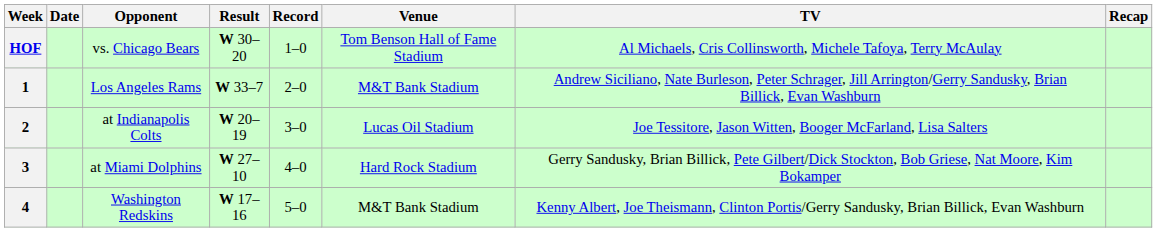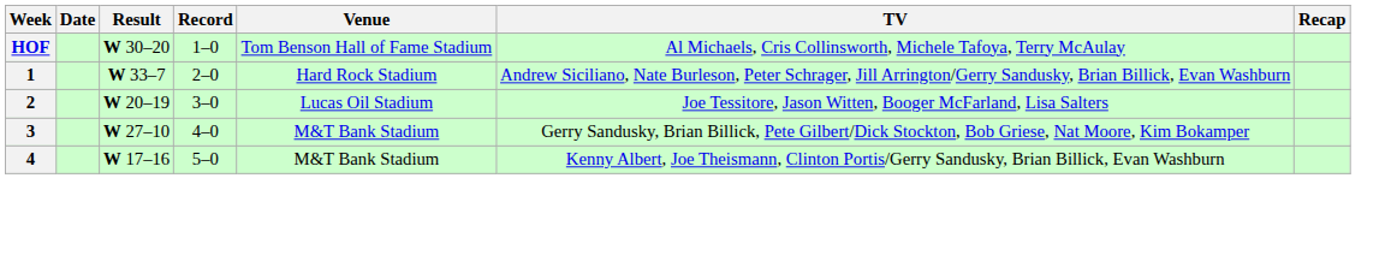 <table class="wikitable" style="text-align:center">
 <tr>
 <th>Week</th>
 <th>Date</th>
-<th>Opponent</th>
 <th>Result</th>
 <th>Record</th>
 <th>Venue</th>
 <th>TV</th>
 <th>Recap</th>
 </tr>
 <tr style="background:#cfc">
 <th><a href='#'>HOF</a></th>
 <td></td>
-<td>vs. <a href='#'>Chicago Bears</a></td>
 <td><strong>W</strong> 30–20</td>
 <td>1–0</td>
 <td><a href='#'>Tom Benson Hall of Fame Stadium</a> </td>
 <td><a href='#'>Al Michaels</a>, <a href='#'>Cris Collinsworth</a>, <a href='#'>Michele Tafoya</a>, <a href='#'>Terry McAulay</a></td>
 <td></td>
 </tr>
 <tr style="background:#cfc">
 <th>1</th>
 <td></td>
-<td><a href='#'>Los Angeles Rams</a></td>
 <td><strong>W</strong> 33–7</td>
 <td>2–0</td>
-<td><a href='#'>M&T Bank Stadium</a></td>
+<td><a href='#'>Hard Rock Stadium</a></td>
 <td><a href='#'>Andrew Siciliano</a>, <a href='#'>Nate Burleson</a>, <a href='#'>Peter Schrager</a>, <a href='#'>Jill Arrington</a>/<a href='#'>Gerry Sandusky</a>, <a href='#'>Brian Billick</a>, <a href='#'>Evan Washburn</a></td>
 <td></td>
 </tr>
 <tr style="background:#cfc">
 <th>2</th>
 <td></td>
-<td>at <a href='#'>Indianapolis Colts</a></td>
 <td><strong>W</strong> 20–19</td>
 <td>3–0</td>
 <td><a href='#'>Lucas Oil Stadium</a></td>
 <td><a href='#'>Joe Tessitore</a>, <a href='#'>Jason Witten</a>, <a href='#'>Booger McFarland</a>, <a href='#'>Lisa Salters</a></td>
 <td></td>
 </tr>
 <tr style="background:#cfc">
 <th>3</th>
 <td></td>
-<td>at <a href='#'>Miami Dolphins</a></td>
 <td><strong>W</strong> 27–10</td>
 <td>4–0</td>
-<td><a href='#'>Hard Rock Stadium</a></td>
+<td><a href='#'>M&T Bank Stadium</a></td>
 <td>Gerry Sandusky, Brian Billick, <a href='#'>Pete Gilbert</a>/<a href='#'>Dick Stockton</a>, <a href='#'>Bob Griese</a>, <a href='#'>Nat Moore</a>, <a href='#'>Kim Bokamper</a></td>
 <td></td>
 </tr>
 <tr style="background:#cfc">
 <th>4</th>
 <td></td>
-<td><a href='#'>Washington Redskins</a></td>
 <td><strong>W</strong> 17–16</td>
 <td>5–0</td>
 <td>M&T Bank Stadium</td>
 <td><a href='#'>Kenny Albert</a>, <a href='#'>Joe Theismann</a>, <a href='#'>Clinton Portis</a>/Gerry Sandusky, Brian Billick, Evan Washburn</td>
 <td></td>
 </tr>
 </table>
